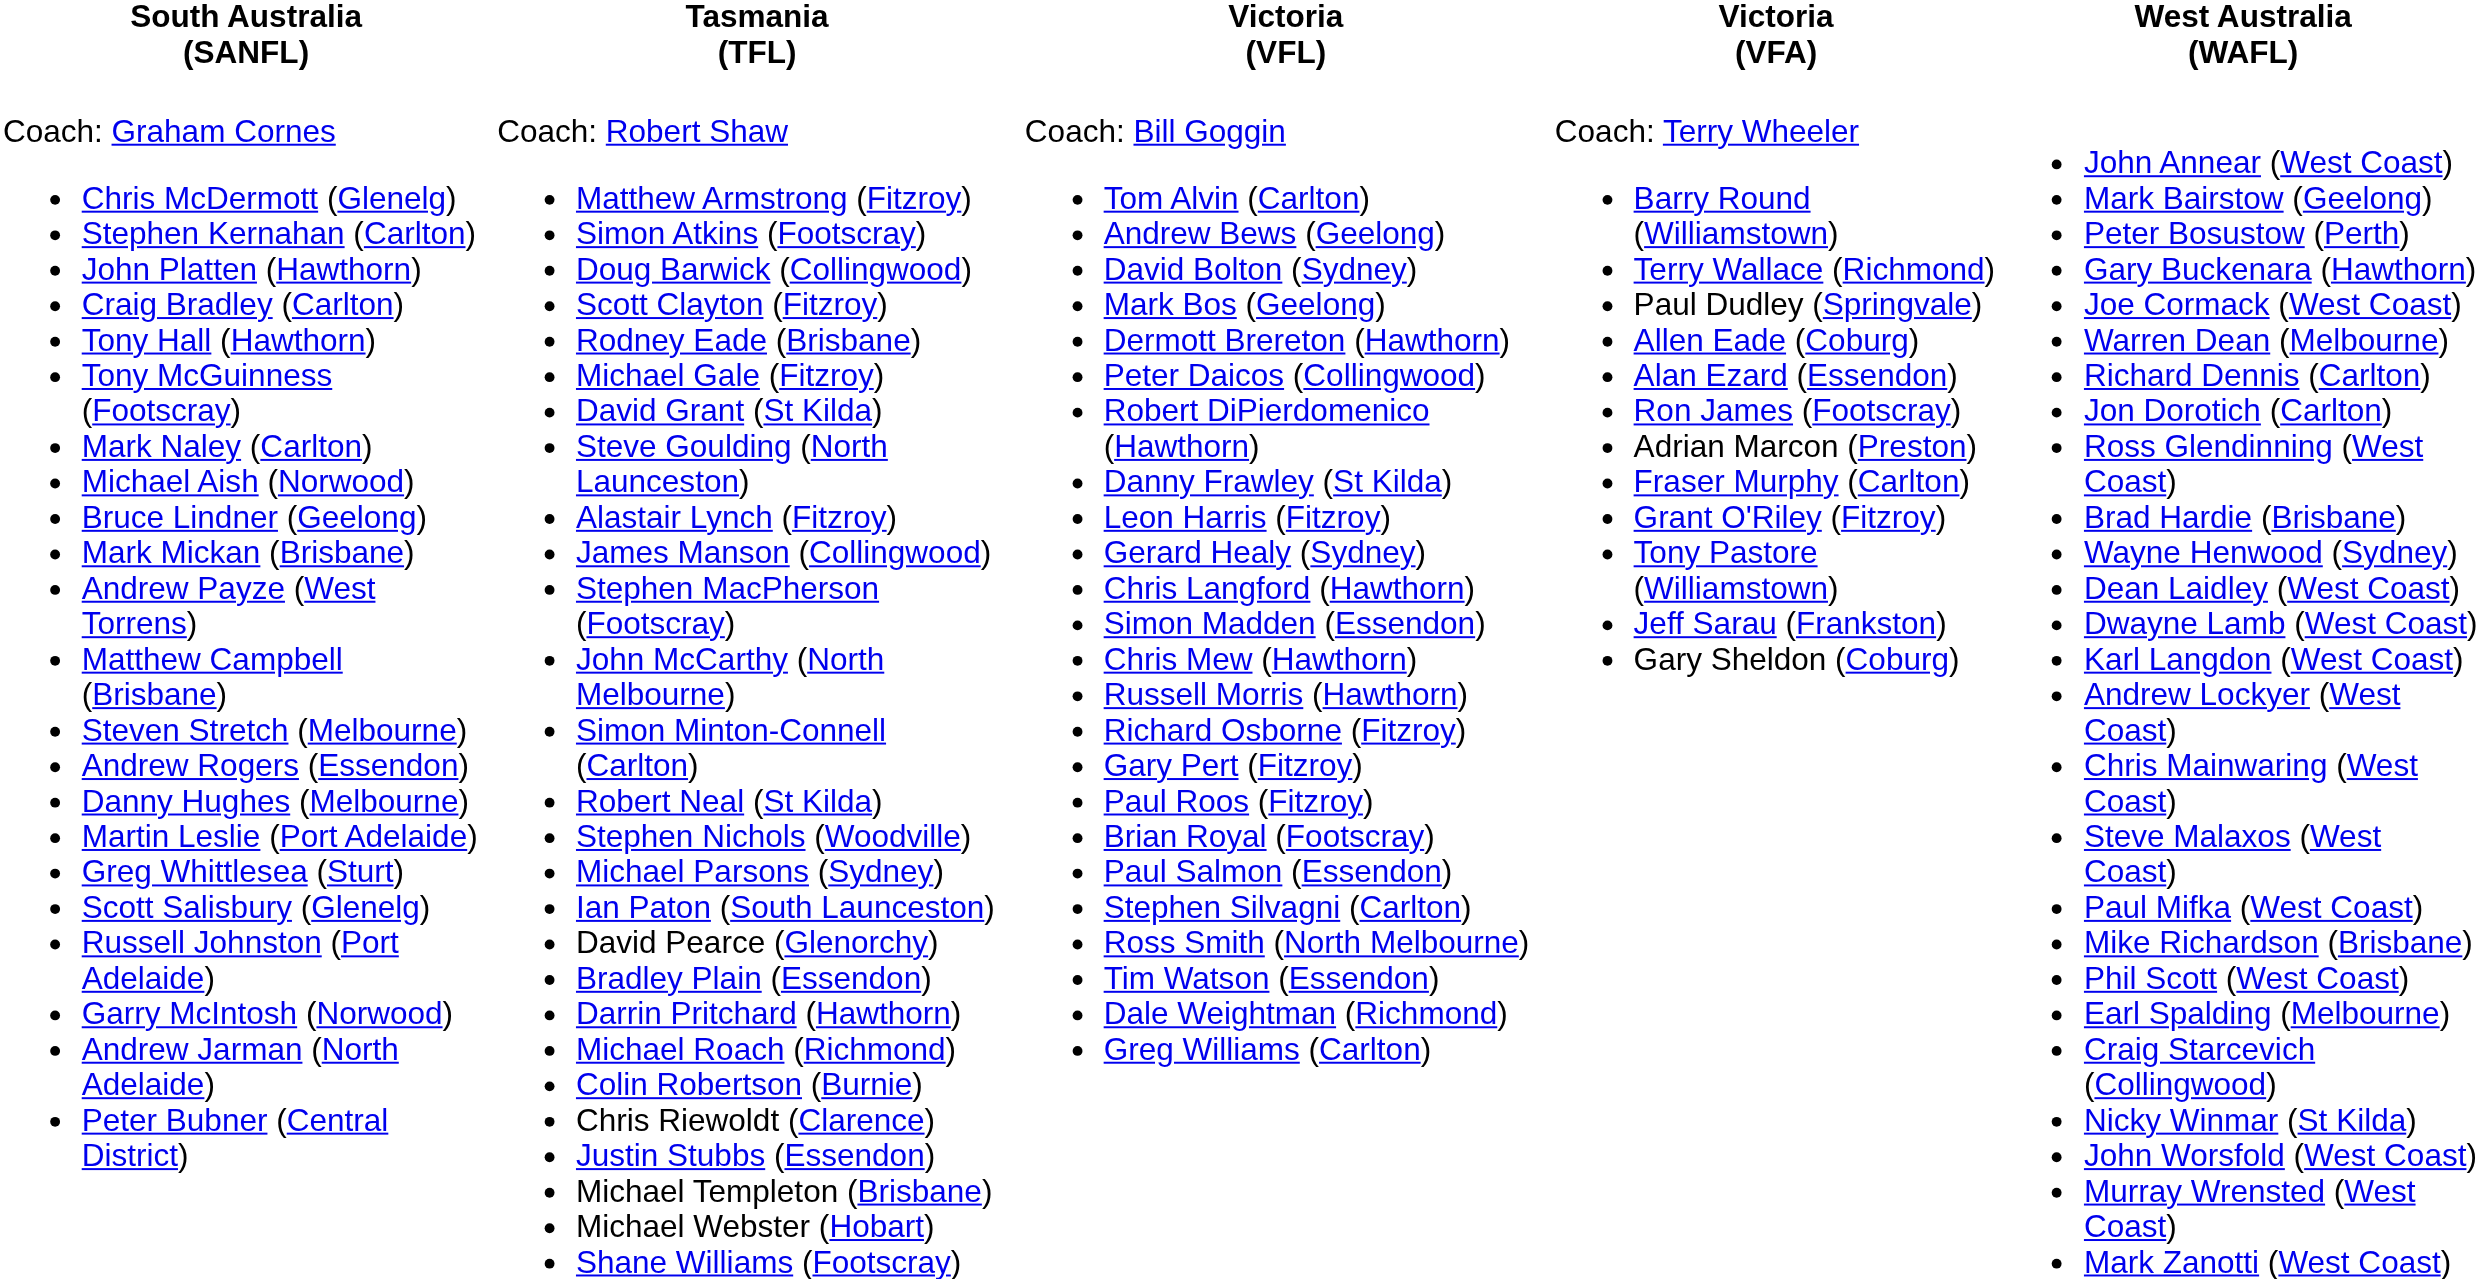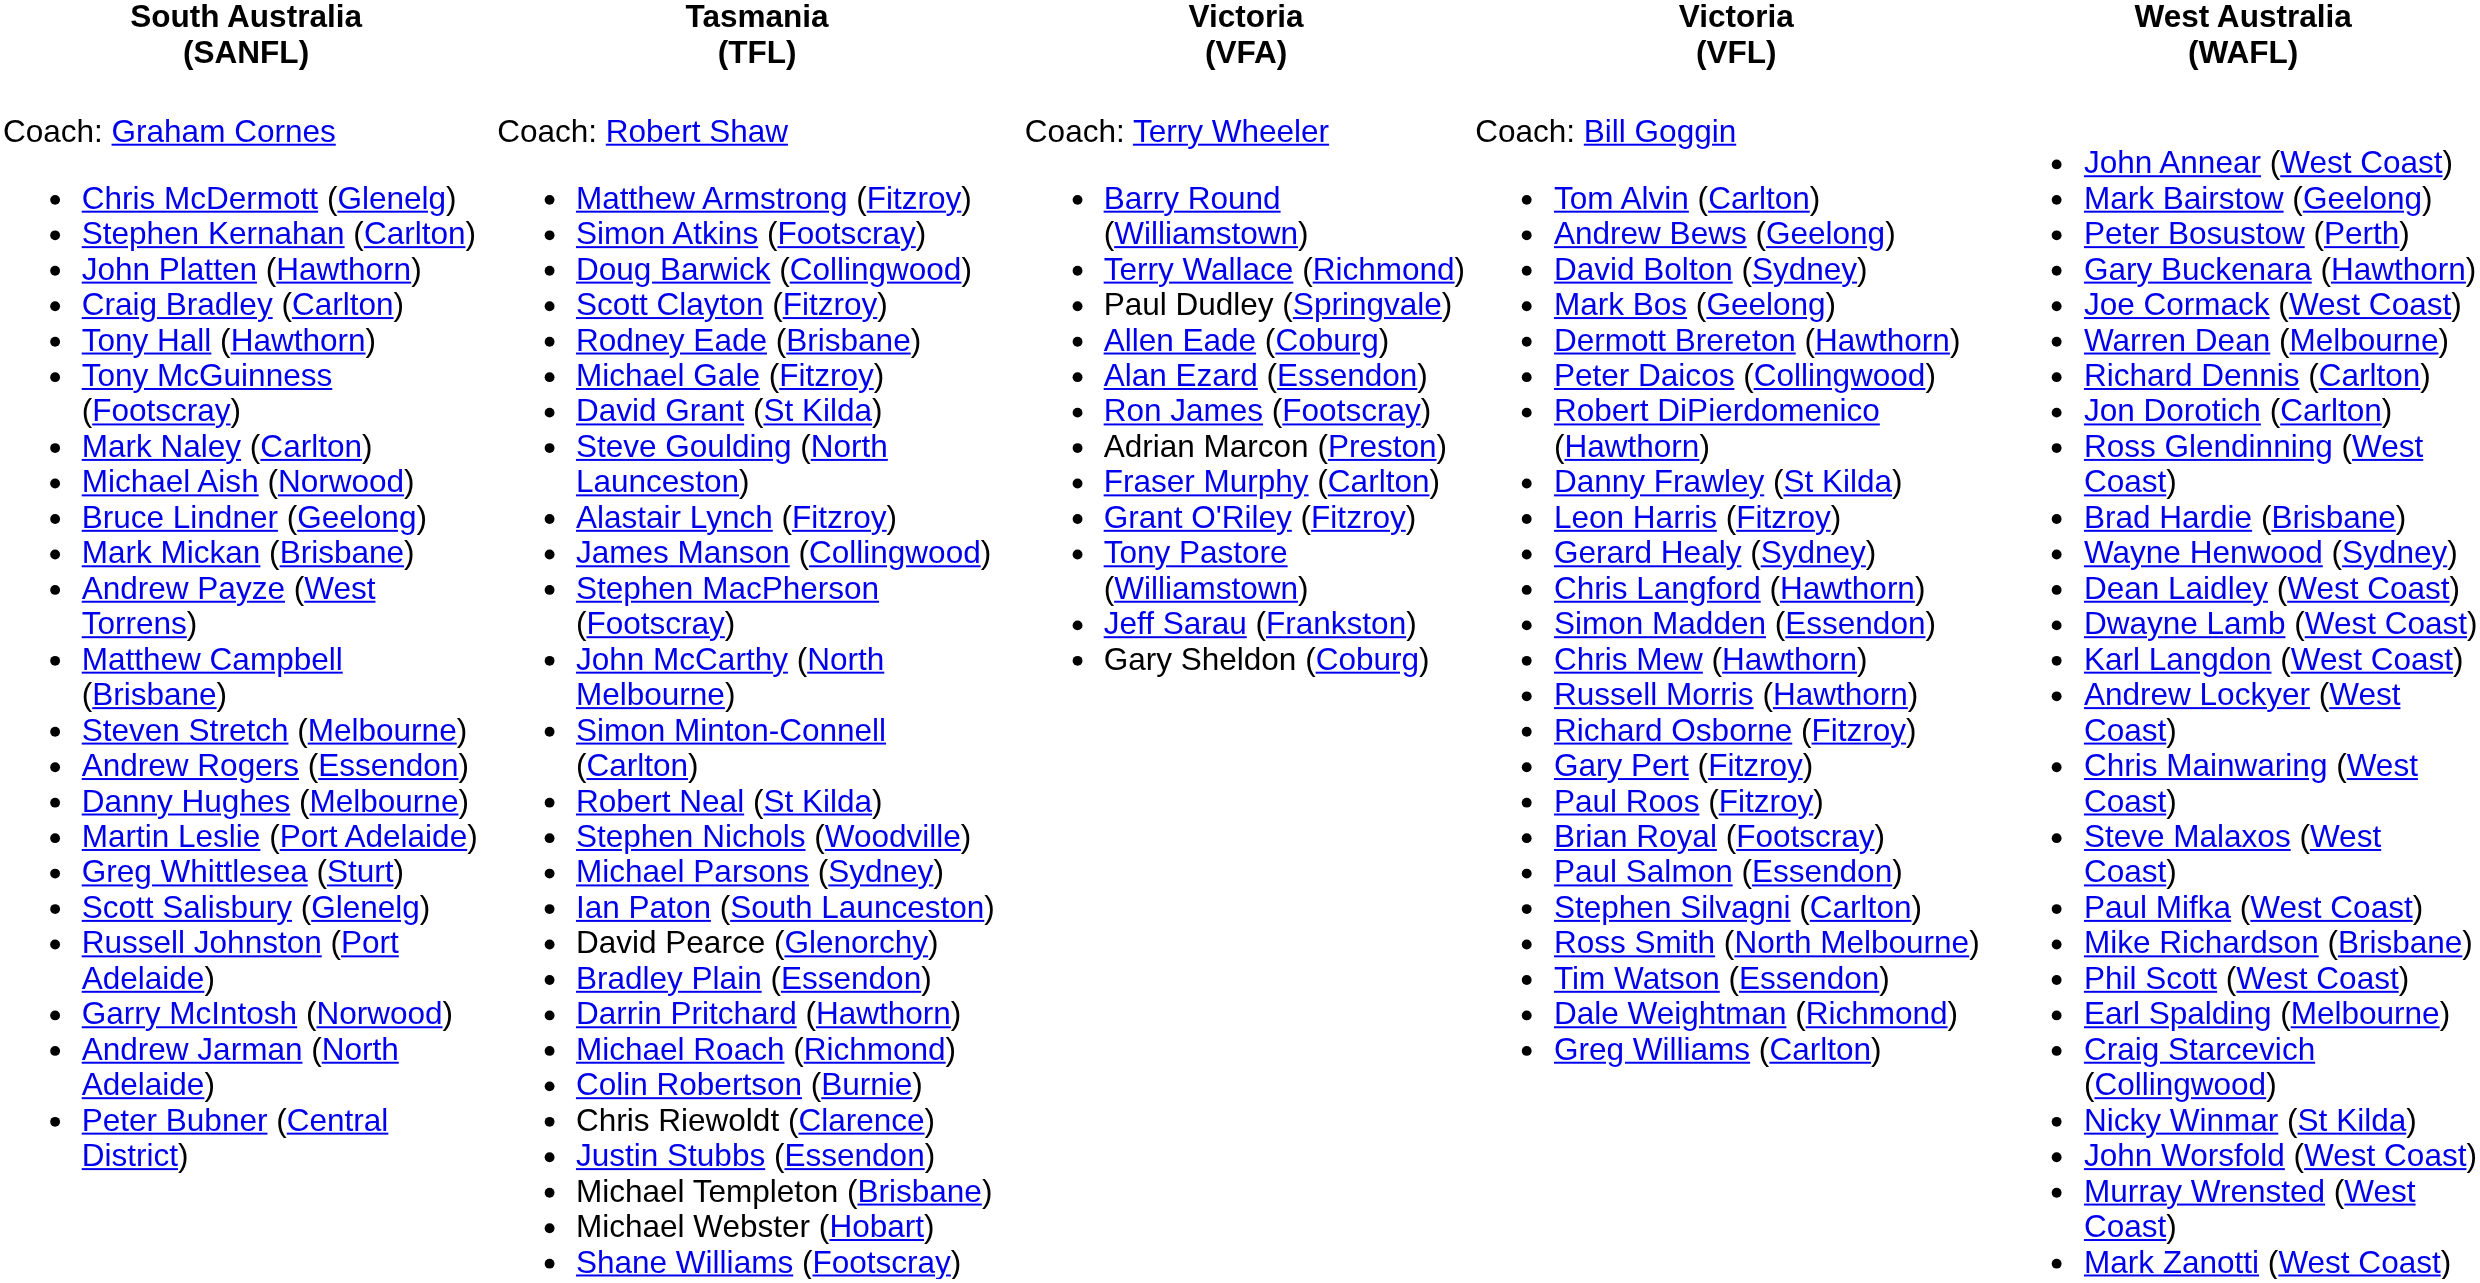 <table>
 <tr>
 <th>South Australia<br>(SANFL) </th>
 <th>Tasmania<br>(TFL) </th>
+<th>Victoria<br>(VFA) </th>
 <th>Victoria<br>(VFL) </th>
-<th>Victoria<br>(VFA) </th>
 <th>West Australia<br>(WAFL) </th>
 </tr>
 <tr valign="top">
 <td><br>Coach: <a href='#'>Graham Cornes</a><ul><li><a href='#'>Chris McDermott</a> (<a href='#'>Glenelg</a>)</li><li><a href='#'>Stephen Kernahan</a> (<a href='#'>Carlton</a>)</li><li><a href='#'>John Platten</a> (<a href='#'>Hawthorn</a>)</li><li><a href='#'>Craig Bradley</a> (<a href='#'>Carlton</a>)</li><li><a href='#'>Tony Hall</a> (<a href='#'>Hawthorn</a>)</li><li><a href='#'>Tony McGuinness</a> (<a href='#'>Footscray</a>)</li><li><a href='#'>Mark Naley</a> (<a href='#'>Carlton</a>)</li><li><a href='#'>Michael Aish</a> (<a href='#'>Norwood</a>)</li><li><a href='#'>Bruce Lindner</a> (<a href='#'>Geelong</a>)</li><li><a href='#'>Mark Mickan</a> (<a href='#'>Brisbane</a>)</li><li><a href='#'>Andrew Payze</a> (<a href='#'>West Torrens</a>)</li><li><a href='#'>Matthew Campbell</a> (<a href='#'>Brisbane</a>)</li><li><a href='#'>Steven Stretch</a> (<a href='#'>Melbourne</a>)</li><li><a href='#'>Andrew Rogers</a> (<a href='#'>Essendon</a>)</li><li><a href='#'>Danny Hughes</a> (<a href='#'>Melbourne</a>)</li><li><a href='#'>Martin Leslie</a> (<a href='#'>Port Adelaide</a>)</li><li><a href='#'>Greg Whittlesea</a> (<a href='#'>Sturt</a>)</li><li><a href='#'>Scott Salisbury</a> (<a href='#'>Glenelg</a>)</li><li><a href='#'>Russell Johnston</a> (<a href='#'>Port Adelaide</a>)</li><li><a href='#'>Garry McIntosh</a> (<a href='#'>Norwood</a>)</li><li><a href='#'>Andrew Jarman</a> (<a href='#'>North Adelaide</a>)</li><li><a href='#'>Peter Bubner</a> (<a href='#'>Central District</a>)</li></ul></td>
 <td><br>Coach: <a href='#'>Robert Shaw</a><ul><li><a href='#'>Matthew Armstrong</a> (<a href='#'>Fitzroy</a>)</li><li><a href='#'>Simon Atkins</a> (<a href='#'>Footscray</a>)</li><li><a href='#'>Doug Barwick</a> (<a href='#'>Collingwood</a>)</li><li><a href='#'>Scott Clayton</a> (<a href='#'>Fitzroy</a>)</li><li><a href='#'>Rodney Eade</a> (<a href='#'>Brisbane</a>)</li><li><a href='#'>Michael Gale</a> (<a href='#'>Fitzroy</a>)</li><li><a href='#'>David Grant</a> (<a href='#'>St Kilda</a>)</li><li><a href='#'>Steve Goulding</a> (<a href='#'>North Launceston</a>)</li><li><a href='#'>Alastair Lynch</a> (<a href='#'>Fitzroy</a>)</li><li><a href='#'>James Manson</a> (<a href='#'>Collingwood</a>)</li><li><a href='#'>Stephen MacPherson</a> (<a href='#'>Footscray</a>)</li><li><a href='#'>John McCarthy</a> (<a href='#'>North Melbourne</a>)</li><li><a href='#'>Simon Minton-Connell</a> (<a href='#'>Carlton</a>)</li><li><a href='#'>Robert Neal</a> (<a href='#'>St Kilda</a>)</li><li><a href='#'>Stephen Nichols</a> (<a href='#'>Woodville</a>)</li><li><a href='#'>Michael Parsons</a> (<a href='#'>Sydney</a>)</li><li><a href='#'>Ian Paton</a> (<a href='#'>South Launceston</a>)</li><li>David Pearce (<a href='#'>Glenorchy</a>)</li><li><a href='#'>Bradley Plain</a> (<a href='#'>Essendon</a>)</li><li><a href='#'>Darrin Pritchard</a> (<a href='#'>Hawthorn</a>)</li><li><a href='#'>Michael Roach</a> (<a href='#'>Richmond</a>)</li><li><a href='#'>Colin Robertson</a> (<a href='#'>Burnie</a>)</li><li>Chris Riewoldt (<a href='#'>Clarence</a>)</li><li><a href='#'>Justin Stubbs</a> (<a href='#'>Essendon</a>)</li><li>Michael Templeton (<a href='#'>Brisbane</a>)</li><li>Michael Webster (<a href='#'>Hobart</a>)</li><li><a href='#'>Shane Williams</a> (<a href='#'>Footscray</a>)</li></ul></td>
+<td><br>Coach: <a href='#'>Terry Wheeler</a><ul><li><a href='#'>Barry Round</a> (<a href='#'>Williamstown</a>)</li><li><a href='#'>Terry Wallace</a> (<a href='#'>Richmond</a>)</li><li>Paul Dudley (<a href='#'>Springvale</a>)</li><li><a href='#'>Allen Eade</a> (<a href='#'>Coburg</a>)</li><li><a href='#'>Alan Ezard</a> (<a href='#'>Essendon</a>)</li><li><a href='#'>Ron James</a> (<a href='#'>Footscray</a>)</li><li>Adrian Marcon (<a href='#'>Preston</a>)</li><li><a href='#'>Fraser Murphy</a> (<a href='#'>Carlton</a>)</li><li><a href='#'>Grant O'Riley</a> (<a href='#'>Fitzroy</a>)</li><li><a href='#'>Tony Pastore</a> (<a href='#'>Williamstown</a>)</li><li><a href='#'>Jeff Sarau</a> (<a href='#'>Frankston</a>)</li><li>Gary Sheldon (<a href='#'>Coburg</a>)</li></ul></td>
 <td><br>Coach: <a href='#'>Bill Goggin</a><ul><li><a href='#'>Tom Alvin</a> (<a href='#'>Carlton</a>)</li><li><a href='#'>Andrew Bews</a> (<a href='#'>Geelong</a>)</li><li><a href='#'>David Bolton</a> (<a href='#'>Sydney</a>)</li><li><a href='#'>Mark Bos</a> (<a href='#'>Geelong</a>)</li><li><a href='#'>Dermott Brereton</a> (<a href='#'>Hawthorn</a>)</li><li><a href='#'>Peter Daicos</a> (<a href='#'>Collingwood</a>)</li><li><a href='#'>Robert DiPierdomenico</a> (<a href='#'>Hawthorn</a>)</li><li><a href='#'>Danny Frawley</a> (<a href='#'>St Kilda</a>)</li><li><a href='#'>Leon Harris</a> (<a href='#'>Fitzroy</a>)</li><li><a href='#'>Gerard Healy</a> (<a href='#'>Sydney</a>)</li><li><a href='#'>Chris Langford</a> (<a href='#'>Hawthorn</a>)</li><li><a href='#'>Simon Madden</a> (<a href='#'>Essendon</a>)</li><li><a href='#'>Chris Mew</a> (<a href='#'>Hawthorn</a>)</li><li><a href='#'>Russell Morris</a> (<a href='#'>Hawthorn</a>)</li><li><a href='#'>Richard Osborne</a> (<a href='#'>Fitzroy</a>)</li><li><a href='#'>Gary Pert</a> (<a href='#'>Fitzroy</a>)</li><li><a href='#'>Paul Roos</a> (<a href='#'>Fitzroy</a>)</li><li><a href='#'>Brian Royal</a> (<a href='#'>Footscray</a>)</li><li><a href='#'>Paul Salmon</a> (<a href='#'>Essendon</a>)</li><li><a href='#'>Stephen Silvagni</a> (<a href='#'>Carlton</a>)</li><li><a href='#'>Ross Smith</a> (<a href='#'>North Melbourne</a>)</li><li><a href='#'>Tim Watson</a> (<a href='#'>Essendon</a>)</li><li><a href='#'>Dale Weightman</a> (<a href='#'>Richmond</a>)</li><li><a href='#'>Greg Williams</a> (<a href='#'>Carlton</a>)</li></ul></td>
-<td><br>Coach: <a href='#'>Terry Wheeler</a><ul><li><a href='#'>Barry Round</a> (<a href='#'>Williamstown</a>)</li><li><a href='#'>Terry Wallace</a> (<a href='#'>Richmond</a>)</li><li>Paul Dudley (<a href='#'>Springvale</a>)</li><li><a href='#'>Allen Eade</a> (<a href='#'>Coburg</a>)</li><li><a href='#'>Alan Ezard</a> (<a href='#'>Essendon</a>)</li><li><a href='#'>Ron James</a> (<a href='#'>Footscray</a>)</li><li>Adrian Marcon (<a href='#'>Preston</a>)</li><li><a href='#'>Fraser Murphy</a> (<a href='#'>Carlton</a>)</li><li><a href='#'>Grant O'Riley</a> (<a href='#'>Fitzroy</a>)</li><li><a href='#'>Tony Pastore</a> (<a href='#'>Williamstown</a>)</li><li><a href='#'>Jeff Sarau</a> (<a href='#'>Frankston</a>)</li><li>Gary Sheldon (<a href='#'>Coburg</a>)</li></ul></td>
 <td><br><ul><li><a href='#'>John Annear</a> (<a href='#'>West Coast</a>)</li><li><a href='#'>Mark Bairstow</a> (<a href='#'>Geelong</a>)</li><li><a href='#'>Peter Bosustow</a> (<a href='#'>Perth</a>)</li><li><a href='#'>Gary Buckenara</a> (<a href='#'>Hawthorn</a>)</li><li><a href='#'>Joe Cormack</a> (<a href='#'>West Coast</a>)</li><li><a href='#'>Warren Dean</a> (<a href='#'>Melbourne</a>)</li><li><a href='#'>Richard Dennis</a> (<a href='#'>Carlton</a>)</li><li><a href='#'>Jon Dorotich</a> (<a href='#'>Carlton</a>)</li><li><a href='#'>Ross Glendinning</a> (<a href='#'>West Coast</a>)</li><li><a href='#'>Brad Hardie</a> (<a href='#'>Brisbane</a>)</li><li><a href='#'>Wayne Henwood</a> (<a href='#'>Sydney</a>)</li><li><a href='#'>Dean Laidley</a> (<a href='#'>West Coast</a>)</li><li><a href='#'>Dwayne Lamb</a> (<a href='#'>West Coast</a>)</li><li><a href='#'>Karl Langdon</a> (<a href='#'>West Coast</a>)</li><li><a href='#'>Andrew Lockyer</a> (<a href='#'>West Coast</a>)</li><li><a href='#'>Chris Mainwaring</a> (<a href='#'>West Coast</a>)</li><li><a href='#'>Steve Malaxos</a> (<a href='#'>West Coast</a>)</li><li><a href='#'>Paul Mifka</a> (<a href='#'>West Coast</a>)</li><li><a href='#'>Mike Richardson</a> (<a href='#'>Brisbane</a>)</li><li><a href='#'>Phil Scott</a> (<a href='#'>West Coast</a>)</li><li><a href='#'>Earl Spalding</a> (<a href='#'>Melbourne</a>)</li><li><a href='#'>Craig Starcevich</a> (<a href='#'>Collingwood</a>)</li><li><a href='#'>Nicky Winmar</a> (<a href='#'>St Kilda</a>)</li><li><a href='#'>John Worsfold</a> (<a href='#'>West Coast</a>)</li><li><a href='#'>Murray Wrensted</a> (<a href='#'>West Coast</a>)</li><li><a href='#'>Mark Zanotti</a> (<a href='#'>West Coast</a>)</li></ul></td>
 </tr>
 </table>
